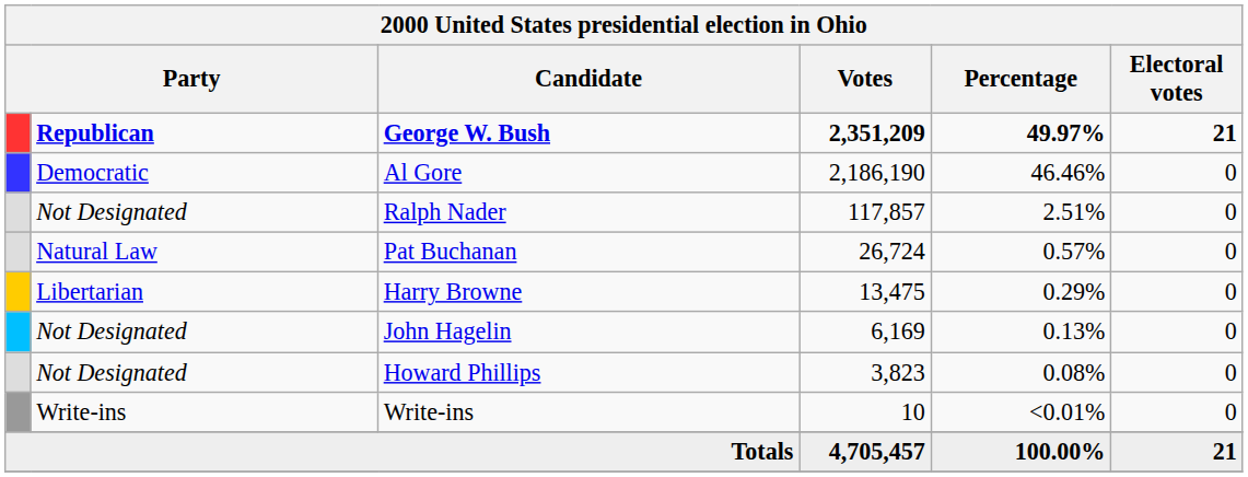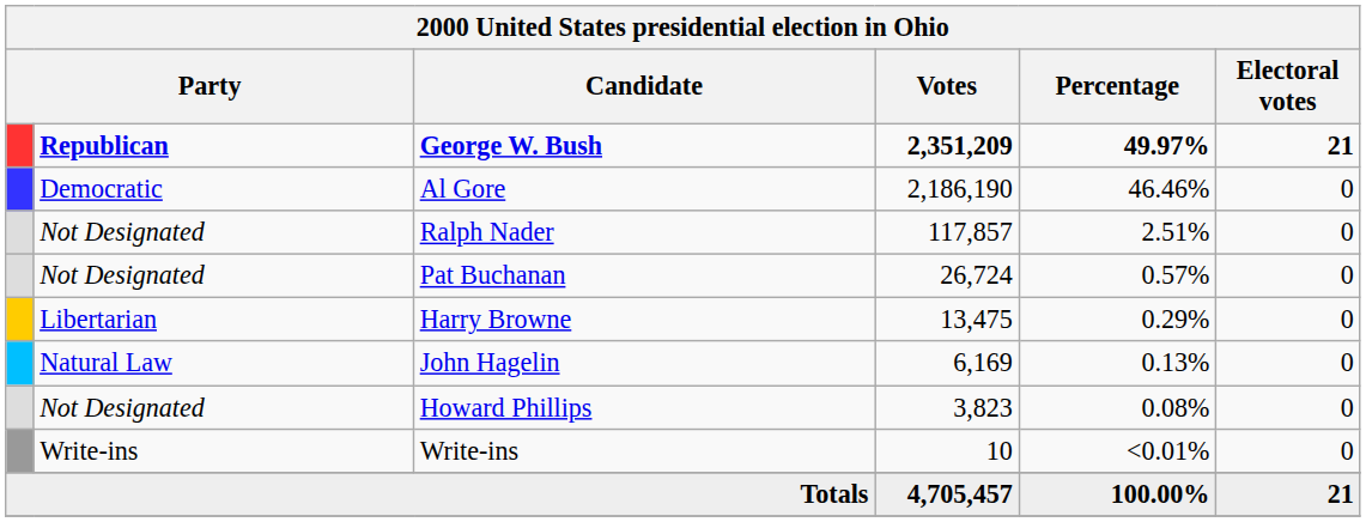 <table class="wikitable" style="font-size: 95%;">
 <tr>
 <th colspan="7">2000 United States presidential election in Ohio</th>
 </tr>
 <tr>
 <th colspan="2" style="width: 15em">Party</th>
 <th style="width: 17em">Candidate</th>
 <th style="width: 5em">Votes</th>
 <th style="width: 7em">Percentage</th>
 <th style="width: 5em">Electoral votes</th>
 </tr>
 <tr>
 <th style="background-color:#FF3333; width: 3px"></th>
 <td style="width: 130px"><strong><a href='#'>Republican</a></strong></td>
 <td><strong><a href='#'>George W. Bush</a></strong></td>
 <td align="right"><strong>2,351,209</strong></td>
 <td align="right"><strong>49.97%</strong></td>
 <td align="right"><strong>21</strong></td>
 </tr>
 <tr>
 <th style="background-color:#3333FF; width: 3px"></th>
 <td style="width: 130px"><a href='#'>Democratic</a></td>
 <td><a href='#'>Al Gore</a></td>
 <td align="right">2,186,190</td>
 <td align="right">46.46%</td>
 <td align="right">0</td>
 </tr>
 <tr>
 <th style="background-color:#DDDDDD; width: 3px"></th>
 <td style="width: 130px"><em>Not Designated</em></td>
 <td><a href='#'>Ralph Nader</a></td>
 <td align="right">117,857</td>
 <td align="right">2.51%</td>
 <td align="right">0</td>
 </tr>
 <tr>
 <th style="background-color:#DDDDDD; width: 3px"></th>
-<td style="width: 130px"><a href='#'>Natural Law</a></td>
+<td style="width: 130px"><em>Not Designated</em></td>
 <td><a href='#'>Pat Buchanan</a></td>
 <td align="right">26,724</td>
 <td align="right">0.57%</td>
 <td align="right">0</td>
 </tr>
 <tr>
 <th style="background-color:#FFCC00; width: 3px"></th>
 <td style="width: 130px"><a href='#'>Libertarian</a></td>
 <td><a href='#'>Harry Browne</a></td>
 <td align="right">13,475</td>
 <td align="right">0.29%</td>
 <td align="right">0</td>
 </tr>
 <tr>
 <th style="background-color:#00BFFF; width: 3px"></th>
-<td style="width: 130px"><em>Not Designated</em></td>
+<td style="width: 130px"><a href='#'>Natural Law</a></td>
 <td><a href='#'>John Hagelin</a></td>
 <td align="right">6,169</td>
 <td align="right">0.13%</td>
 <td align="right">0</td>
 </tr>
 <tr>
 <th style="background-color:#DDDDDD; width: 3px"></th>
 <td style="width: 130px"><em>Not Designated</em></td>
 <td><a href='#'>Howard Phillips</a></td>
 <td align="right">3,823</td>
 <td align="right">0.08%</td>
 <td align="right">0</td>
 </tr>
 <tr>
 <th style="background-color:#999999; width: 3px"></th>
 <td style="width: 130px">Write-ins</td>
 <td>Write-ins</td>
 <td align="right">10</td>
 <td align="right"><0.01%</td>
 <td align="right">0</td>
 </tr>
 <tr>
 </tr>
 <tr bgcolor="#EEEEEE">
 <td colspan="3" align="right"><strong>Totals</strong></td>
 <td align="right"><strong>4,705,457</strong></td>
 <td align="right"><strong>100.00%</strong></td>
 <td align="right"><strong>21</strong></td>
 </tr>
 <tr bgcolor="#EEEEEE">
 </tr>
 </table>
